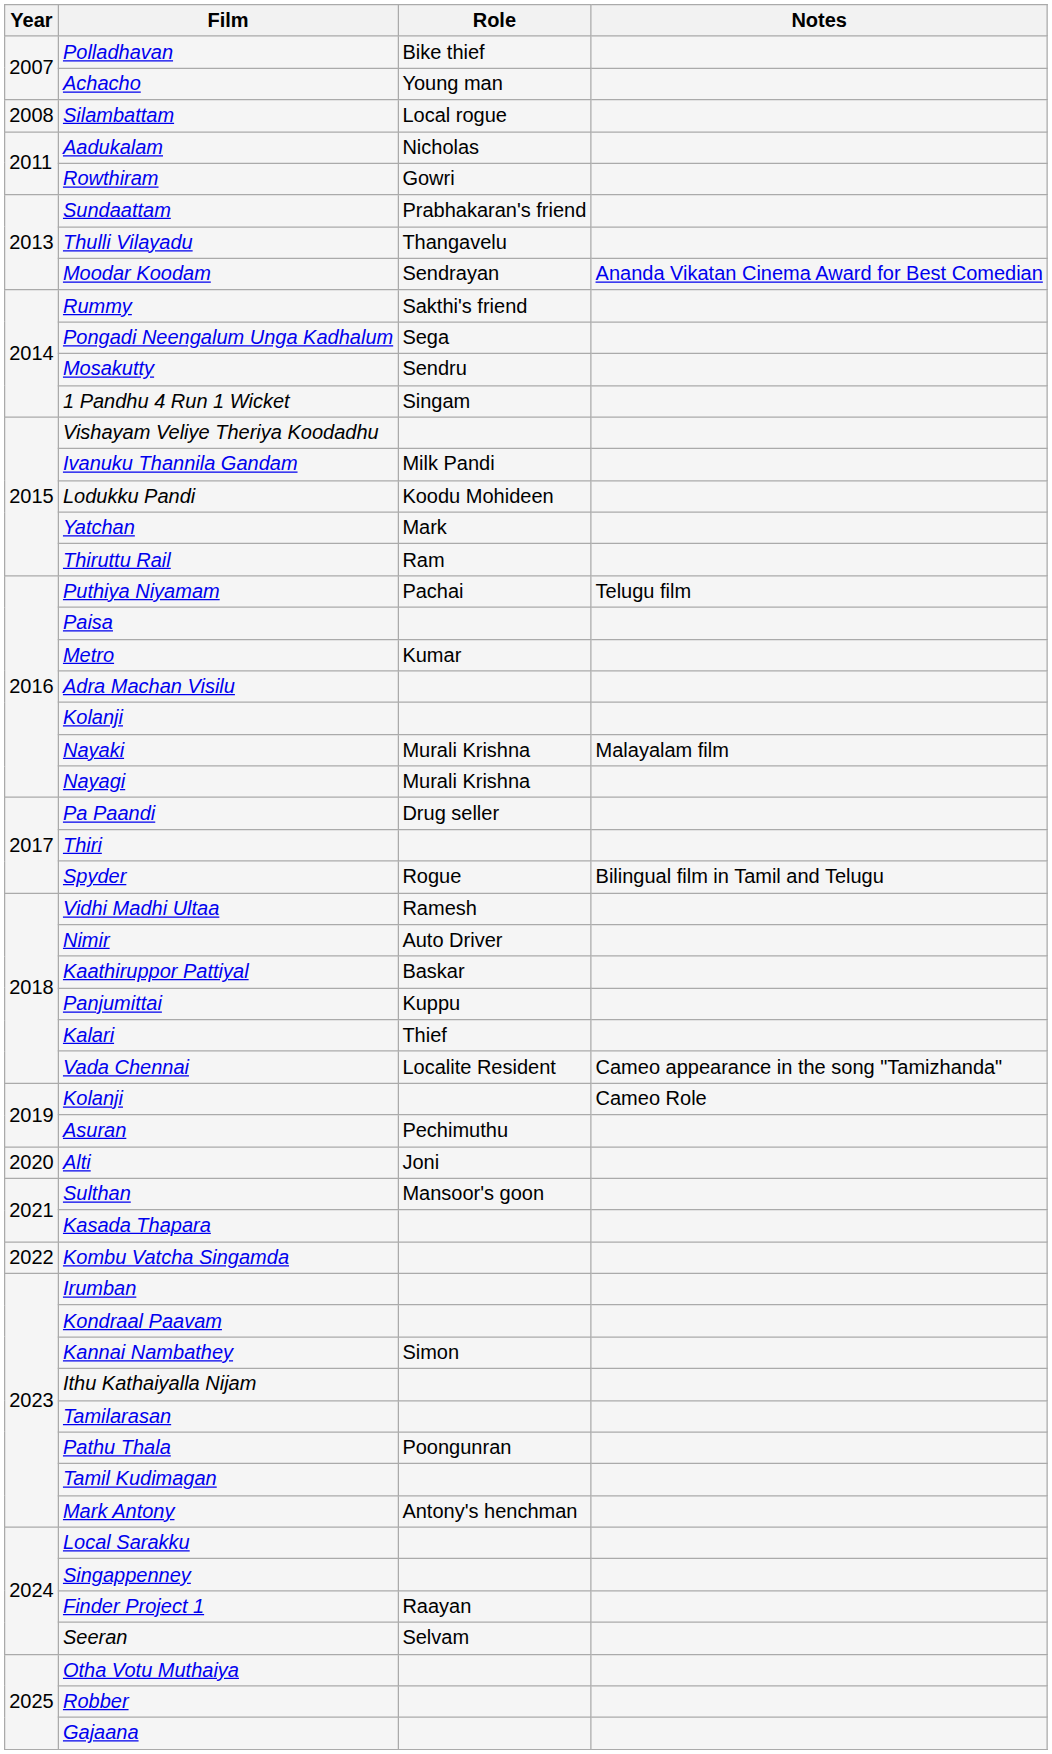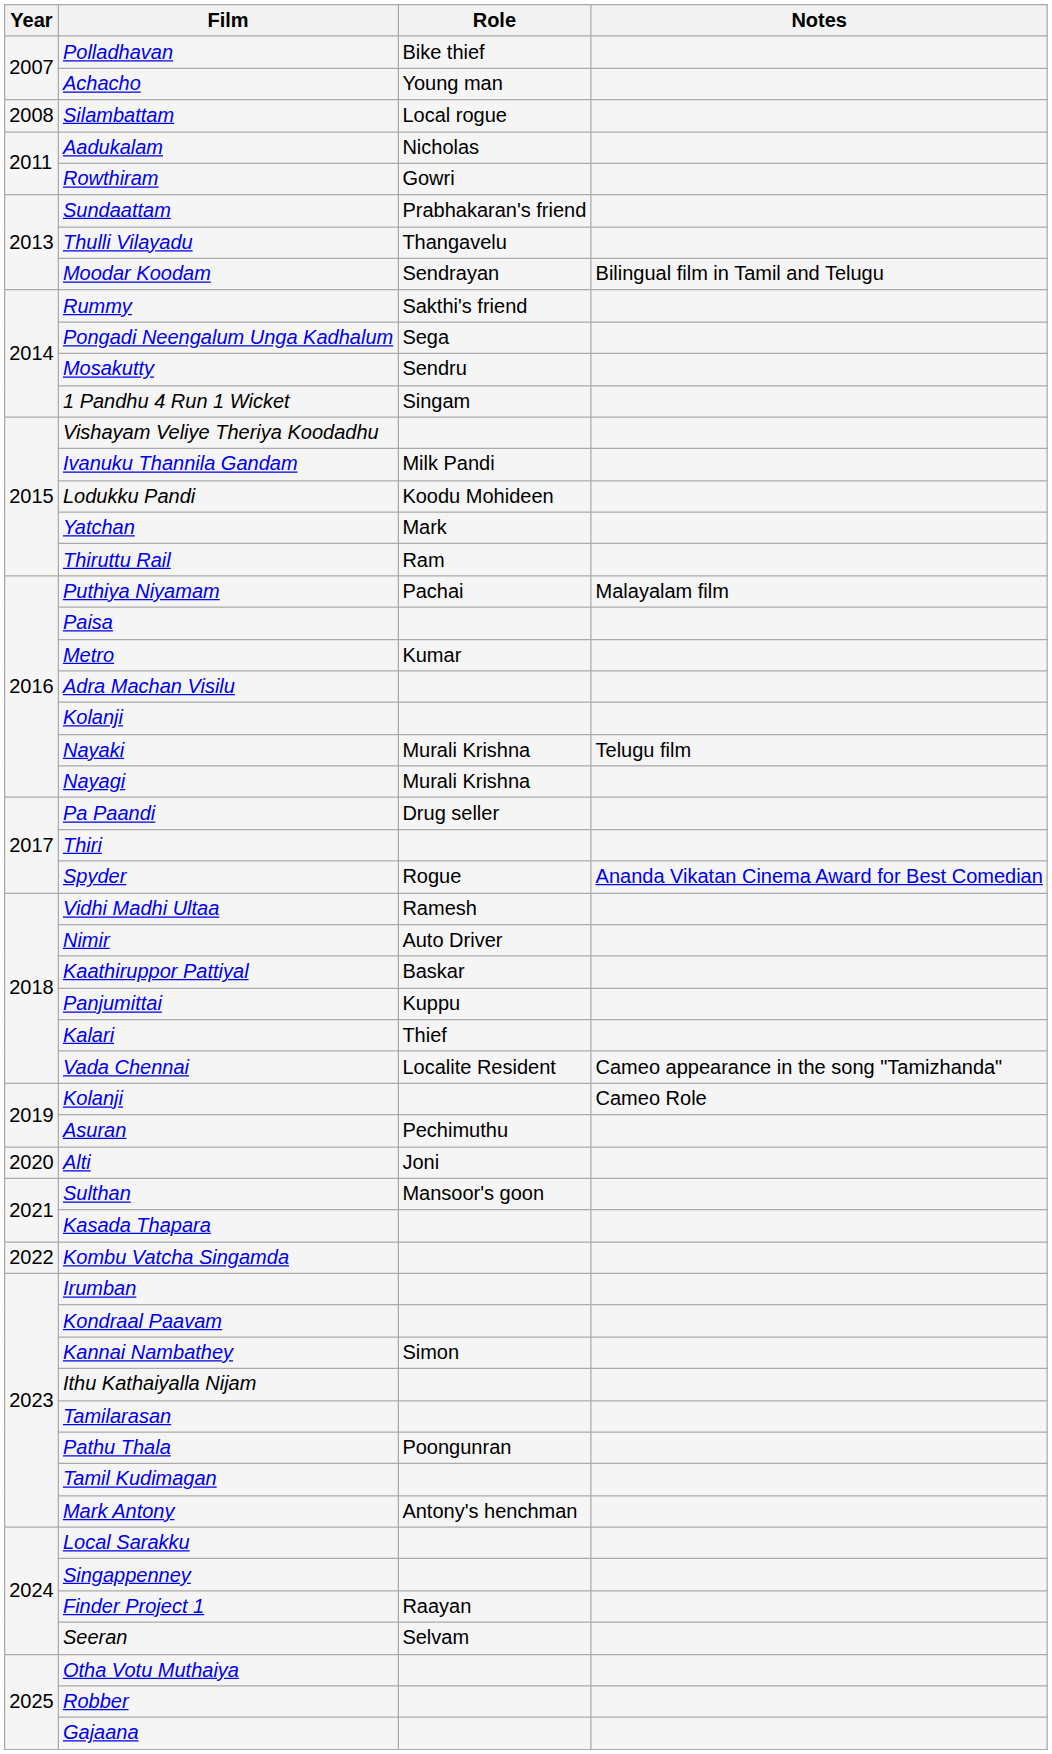 <table class="wikitable sortable" style="background:#f5f5f5;">
 <tr>
 <th scope="col">Year</th>
 <th scope="col">Film</th>
 <th scope="col">Role</th>
 <th scope="col" class=unsortable>Notes</th>
 </tr>
 <tr>
 <td rowspan="2">2007</td>
 <td><em><a href='#'>Polladhavan</a></em></td>
 <td>Bike thief</td>
 <td></td>
 </tr>
 <tr>
 <td><em><a href='#'>Achacho</a></em></td>
 <td>Young man</td>
 <td></td>
 </tr>
 <tr>
 <td>2008</td>
 <td><em><a href='#'>Silambattam</a></em></td>
 <td>Local rogue</td>
 <td></td>
 </tr>
 <tr>
 <td rowspan="2">2011</td>
 <td><em><a href='#'>Aadukalam</a></em></td>
 <td>Nicholas</td>
 <td></td>
 </tr>
 <tr>
 <td><em><a href='#'>Rowthiram</a></em></td>
 <td>Gowri</td>
 <td></td>
 </tr>
 <tr>
 <td rowspan="3">2013</td>
 <td><em><a href='#'>Sundaattam</a></em></td>
 <td>Prabhakaran's friend</td>
 <td></td>
 </tr>
 <tr>
 <td><em><a href='#'>Thulli Vilayadu</a></em></td>
 <td>Thangavelu</td>
 <td></td>
 </tr>
 <tr>
 <td><em><a href='#'>Moodar Koodam</a></em></td>
 <td>Sendrayan</td>
-<td><a href='#'>Ananda Vikatan Cinema Award for Best Comedian</a></td>
+<td>Bilingual film in Tamil and Telugu</td>
 </tr>
 <tr>
 <td rowspan="4">2014</td>
 <td><em><a href='#'>Rummy</a></em></td>
 <td>Sakthi's friend</td>
 <td></td>
 </tr>
 <tr>
 <td><em><a href='#'>Pongadi Neengalum Unga Kadhalum</a></em></td>
 <td>Sega</td>
 <td></td>
 </tr>
 <tr>
 <td><em><a href='#'>Mosakutty</a></em></td>
 <td>Sendru</td>
 <td></td>
 </tr>
 <tr>
 <td><em>1 Pandhu 4 Run 1 Wicket</em></td>
 <td>Singam</td>
 <td></td>
 </tr>
 <tr>
 <td rowspan="5">2015</td>
 <td><em>Vishayam Veliye Theriya Koodadhu</em></td>
 <td></td>
 <td></td>
 </tr>
 <tr>
 <td><em><a href='#'>Ivanuku Thannila Gandam</a></em></td>
 <td>Milk Pandi</td>
 <td></td>
 </tr>
 <tr>
 <td><em>Lodukku Pandi</em></td>
 <td>Koodu Mohideen</td>
 <td></td>
 </tr>
 <tr>
 <td><em><a href='#'>Yatchan</a></em></td>
 <td>Mark</td>
 <td></td>
 </tr>
 <tr>
 <td><em><a href='#'>Thiruttu Rail</a></em></td>
 <td>Ram</td>
 <td></td>
 </tr>
 <tr>
 <td rowspan="7">2016</td>
 <td><em><a href='#'>Puthiya Niyamam</a></em></td>
 <td>Pachai</td>
-<td>Telugu film</td>
+<td>Malayalam film</td>
 </tr>
 <tr>
 <td><em><a href='#'>Paisa</a></em></td>
 <td></td>
 <td></td>
 </tr>
 <tr>
 <td><em><a href='#'>Metro</a></em></td>
 <td>Kumar</td>
 <td></td>
 </tr>
 <tr>
 <td><em><a href='#'>Adra Machan Visilu</a></em></td>
 <td></td>
 <td></td>
 </tr>
 <tr>
 <td><em><a href='#'>Kolanji</a></em></td>
 <td></td>
 <td></td>
 </tr>
 <tr>
 <td><em><a href='#'>Nayaki</a></em></td>
 <td>Murali Krishna</td>
-<td>Malayalam film</td>
+<td>Telugu film</td>
 </tr>
 <tr>
 <td><em><a href='#'>Nayagi</a></em></td>
 <td>Murali Krishna</td>
 <td></td>
 </tr>
 <tr>
 <td rowspan="3">2017</td>
 <td><em><a href='#'>Pa Paandi</a></em></td>
 <td>Drug seller</td>
 <td></td>
 </tr>
 <tr>
 <td><em><a href='#'>Thiri</a></em></td>
 <td></td>
 <td></td>
 </tr>
 <tr>
 <td><em><a href='#'>Spyder</a></em></td>
 <td>Rogue</td>
-<td>Bilingual film in Tamil and Telugu</td>
+<td><a href='#'>Ananda Vikatan Cinema Award for Best Comedian</a></td>
 </tr>
 <tr>
 <td rowspan="6">2018</td>
 <td><em><a href='#'>Vidhi Madhi Ultaa</a></em></td>
 <td>Ramesh</td>
 <td></td>
 </tr>
 <tr>
 <td><em><a href='#'>Nimir</a></em></td>
 <td>Auto Driver</td>
 <td></td>
 </tr>
 <tr>
 <td><em><a href='#'>Kaathiruppor Pattiyal</a></em></td>
 <td>Baskar</td>
 <td></td>
 </tr>
 <tr>
 <td><em><a href='#'>Panjumittai</a></em></td>
 <td>Kuppu</td>
 <td></td>
 </tr>
 <tr>
 <td><em><a href='#'>Kalari</a></em></td>
 <td>Thief</td>
 <td></td>
 </tr>
 <tr>
 <td><em><a href='#'>Vada Chennai</a></em></td>
 <td>Localite Resident</td>
 <td>Cameo appearance in the song "Tamizhanda"</td>
 </tr>
 <tr>
 <td rowspan="2">2019</td>
 <td><em><a href='#'>Kolanji</a></em></td>
 <td></td>
 <td>Cameo Role</td>
 </tr>
 <tr>
 <td><em><a href='#'>Asuran</a></em></td>
 <td>Pechimuthu</td>
 <td></td>
 </tr>
 <tr>
 <td>2020</td>
 <td><em><a href='#'>Alti</a></em></td>
 <td>Joni</td>
 <td></td>
 </tr>
 <tr>
 <td rowspan="2">2021</td>
 <td><em><a href='#'>Sulthan</a></em></td>
 <td>Mansoor's goon</td>
 <td></td>
 </tr>
 <tr>
 <td><em><a href='#'>Kasada Thapara</a></em></td>
 <td></td>
 <td></td>
 </tr>
 <tr>
 <td>2022</td>
 <td><em><a href='#'>Kombu Vatcha Singamda</a></em></td>
 <td></td>
 <td></td>
 </tr>
 <tr>
 <td rowspan="8">2023</td>
 <td><em><a href='#'>Irumban</a></em></td>
 <td></td>
 <td></td>
 </tr>
 <tr>
 <td><em><a href='#'>Kondraal Paavam</a></em></td>
 <td></td>
 <td></td>
 </tr>
 <tr>
 <td><em><a href='#'>Kannai Nambathey</a></em></td>
 <td>Simon</td>
 <td></td>
 </tr>
 <tr>
 <td><em>Ithu Kathaiyalla Nijam</em></td>
 <td></td>
 <td></td>
 </tr>
 <tr>
 <td><em><a href='#'>Tamilarasan</a></em></td>
 <td></td>
 <td></td>
 </tr>
 <tr>
 <td><em><a href='#'>Pathu Thala</a></em></td>
 <td>Poongunran</td>
 <td></td>
 </tr>
 <tr>
 <td><em><a href='#'>Tamil Kudimagan</a></em></td>
 <td></td>
 <td></td>
 </tr>
 <tr>
 <td><em><a href='#'>Mark Antony</a></em></td>
 <td>Antony's henchman</td>
 <td></td>
 </tr>
 <tr>
 <td rowspan="4">2024</td>
 <td><em><a href='#'>Local Sarakku</a></em></td>
 <td></td>
 <td></td>
 </tr>
 <tr>
 <td><em><a href='#'>Singappenney</a></em></td>
 <td></td>
 <td></td>
 </tr>
 <tr>
 <td><em><a href='#'>Finder Project 1</a></em></td>
 <td>Raayan</td>
 <td></td>
 </tr>
 <tr>
 <td><em>Seeran</em></td>
 <td>Selvam</td>
 <td></td>
 </tr>
 <tr>
 <td rowspan="3">2025</td>
 <td><em><a href='#'>Otha Votu Muthaiya</a></em></td>
 <td></td>
 <td></td>
 </tr>
 <tr>
 <td><em><a href='#'>Robber</a></em></td>
 <td></td>
 <td></td>
 </tr>
 <tr>
 <td><em><a href='#'>Gajaana</a></em></td>
 <td></td>
 <td></td>
 </tr>
 <tr>
 </tr>
 </table>
